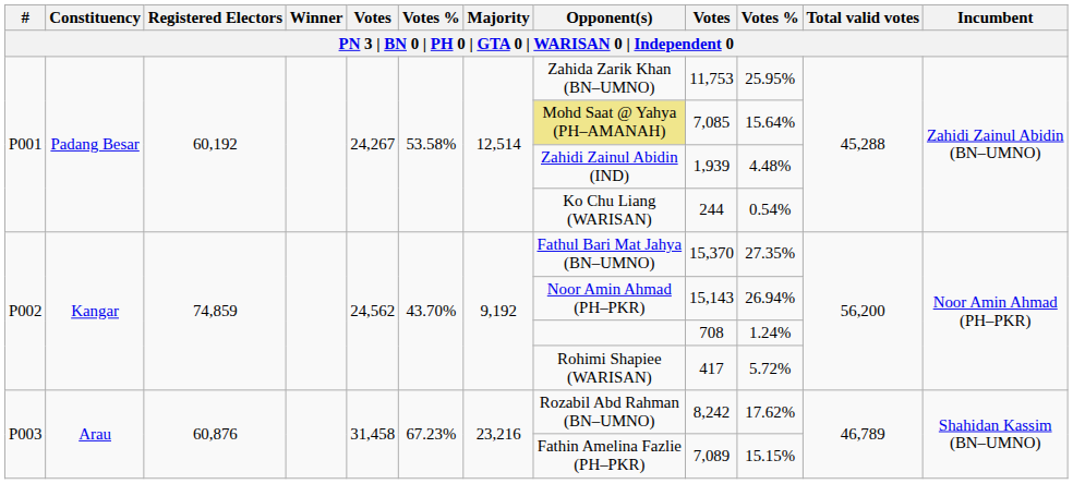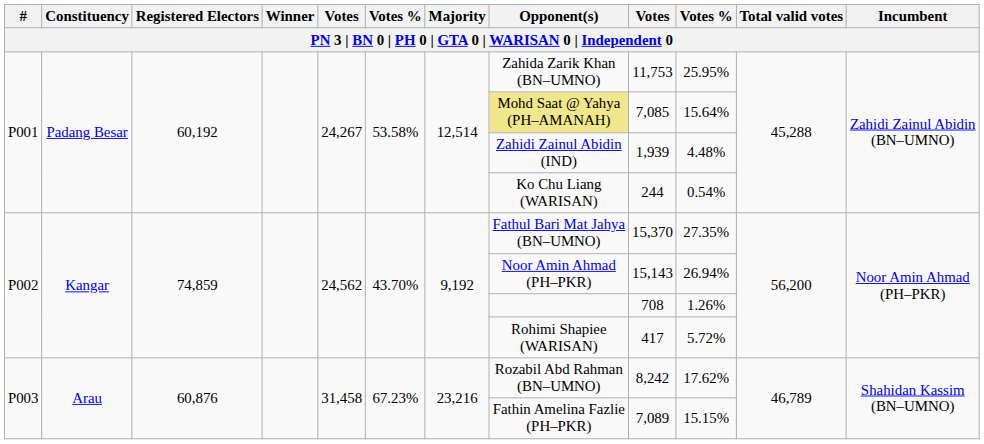 <table class="wikitable sortable" style">
 <tr>
 <th>#</th>
 <th>Constituency</th>
 <th>Registered Electors</th>
 <th>Winner</th>
 <th>Votes</th>
 <th>Votes %</th>
 <th>Majority</th>
 <th>Opponent(s)</th>
 <th>Votes</th>
 <th>Votes %</th>
 <th>Total valid votes</th>
 <th>Incumbent</th>
 </tr>
 <tr>
 <th colspan="13"><a href='#'>PN</a> <strong>3</strong>  | <a href='#'>BN</a> <strong>0</strong> | <a href='#'>PH</a> <strong>0</strong> | <a href='#'>GTA</a> <strong>0</strong>  | <a href='#'>WARISAN</a> <strong>0</strong>  | <a href='#'>Independent</a> <strong>0</strong></th>
 </tr>
 <tr align="center">
 <td rowspan=4>P001</td>
 <td rowspan=4><a href='#'>Padang Besar</a></td>
 <td rowspan=4>60,192</td>
 <td rowspan=4><br></td>
 <td rowspan=4>24,267</td>
 <td rowspan=4>53.58%</td>
 <td rowspan=4>12,514</td>
 <td>Zahida Zarik Khan<br>(BN–UMNO)</td>
 <td>11,753</td>
 <td>25.95%</td>
 <td rowspan=4>45,288</td>
 <td rowspan=4><a href='#'>Zahidi Zainul Abidin</a><br>(BN–UMNO)</td>
 </tr>
 <tr align="center">
 <td style="background: khaki;">Mohd Saat @ Yahya<br>(PH–AMANAH)</td>
 <td>7,085</td>
 <td>15.64%</td>
 </tr>
 <tr align="center">
 <td><a href='#'>Zahidi Zainul Abidin</a><br>(IND)</td>
 <td>1,939</td>
 <td>4.48%</td>
 </tr>
 <tr align="center">
 <td>Ko Chu Liang<br>(WARISAN)</td>
 <td>244</td>
 <td>0.54%</td>
 </tr>
 <tr align="center">
 <td rowspan=4>P002</td>
 <td rowspan=4><a href='#'>Kangar</a></td>
 <td rowspan=4>74,859</td>
 <td rowspan=4><br></td>
 <td rowspan=4>24,562</td>
 <td rowspan=4>43.70%</td>
 <td rowspan=4>9,192</td>
 <td><a href='#'>Fathul Bari Mat Jahya</a><br>(BN–UMNO)</td>
 <td>15,370</td>
 <td>27.35%</td>
 <td rowspan=4>56,200</td>
 <td rowspan=4><a href='#'>Noor Amin Ahmad</a><br>(PH–PKR)</td>
 </tr>
 <tr align="center">
 <td><a href='#'>Noor Amin Ahmad</a><br>(PH–PKR)</td>
 <td>15,143</td>
 <td>26.94%</td>
 </tr>
 <tr align="center">
 <td></td>
 <td>708</td>
-<td>1.24%</td>
+<td>1.26%</td>
 </tr>
 <tr align="center">
 <td>Rohimi Shapiee<br>(WARISAN)</td>
 <td>417</td>
 <td>5.72%</td>
 </tr>
 <tr align="center">
 <td rowspan=2>P003</td>
 <td rowspan=2><a href='#'>Arau</a></td>
 <td rowspan=2>60,876</td>
 <td rowspan=2><br></td>
 <td rowspan=2>31,458</td>
 <td rowspan=2>67.23%</td>
 <td rowspan=2>23,216</td>
 <td>Rozabil Abd Rahman<br>(BN–UMNO)</td>
 <td>8,242</td>
 <td>17.62%</td>
 <td rowspan=2>46,789</td>
 <td rowspan=2><a href='#'>Shahidan Kassim</a><br>(BN–UMNO)</td>
 </tr>
 <tr align="center">
 <td>Fathin Amelina Fazlie<br>(PH–PKR)</td>
 <td>7,089</td>
 <td>15.15%</td>
 </tr>
 </table>
